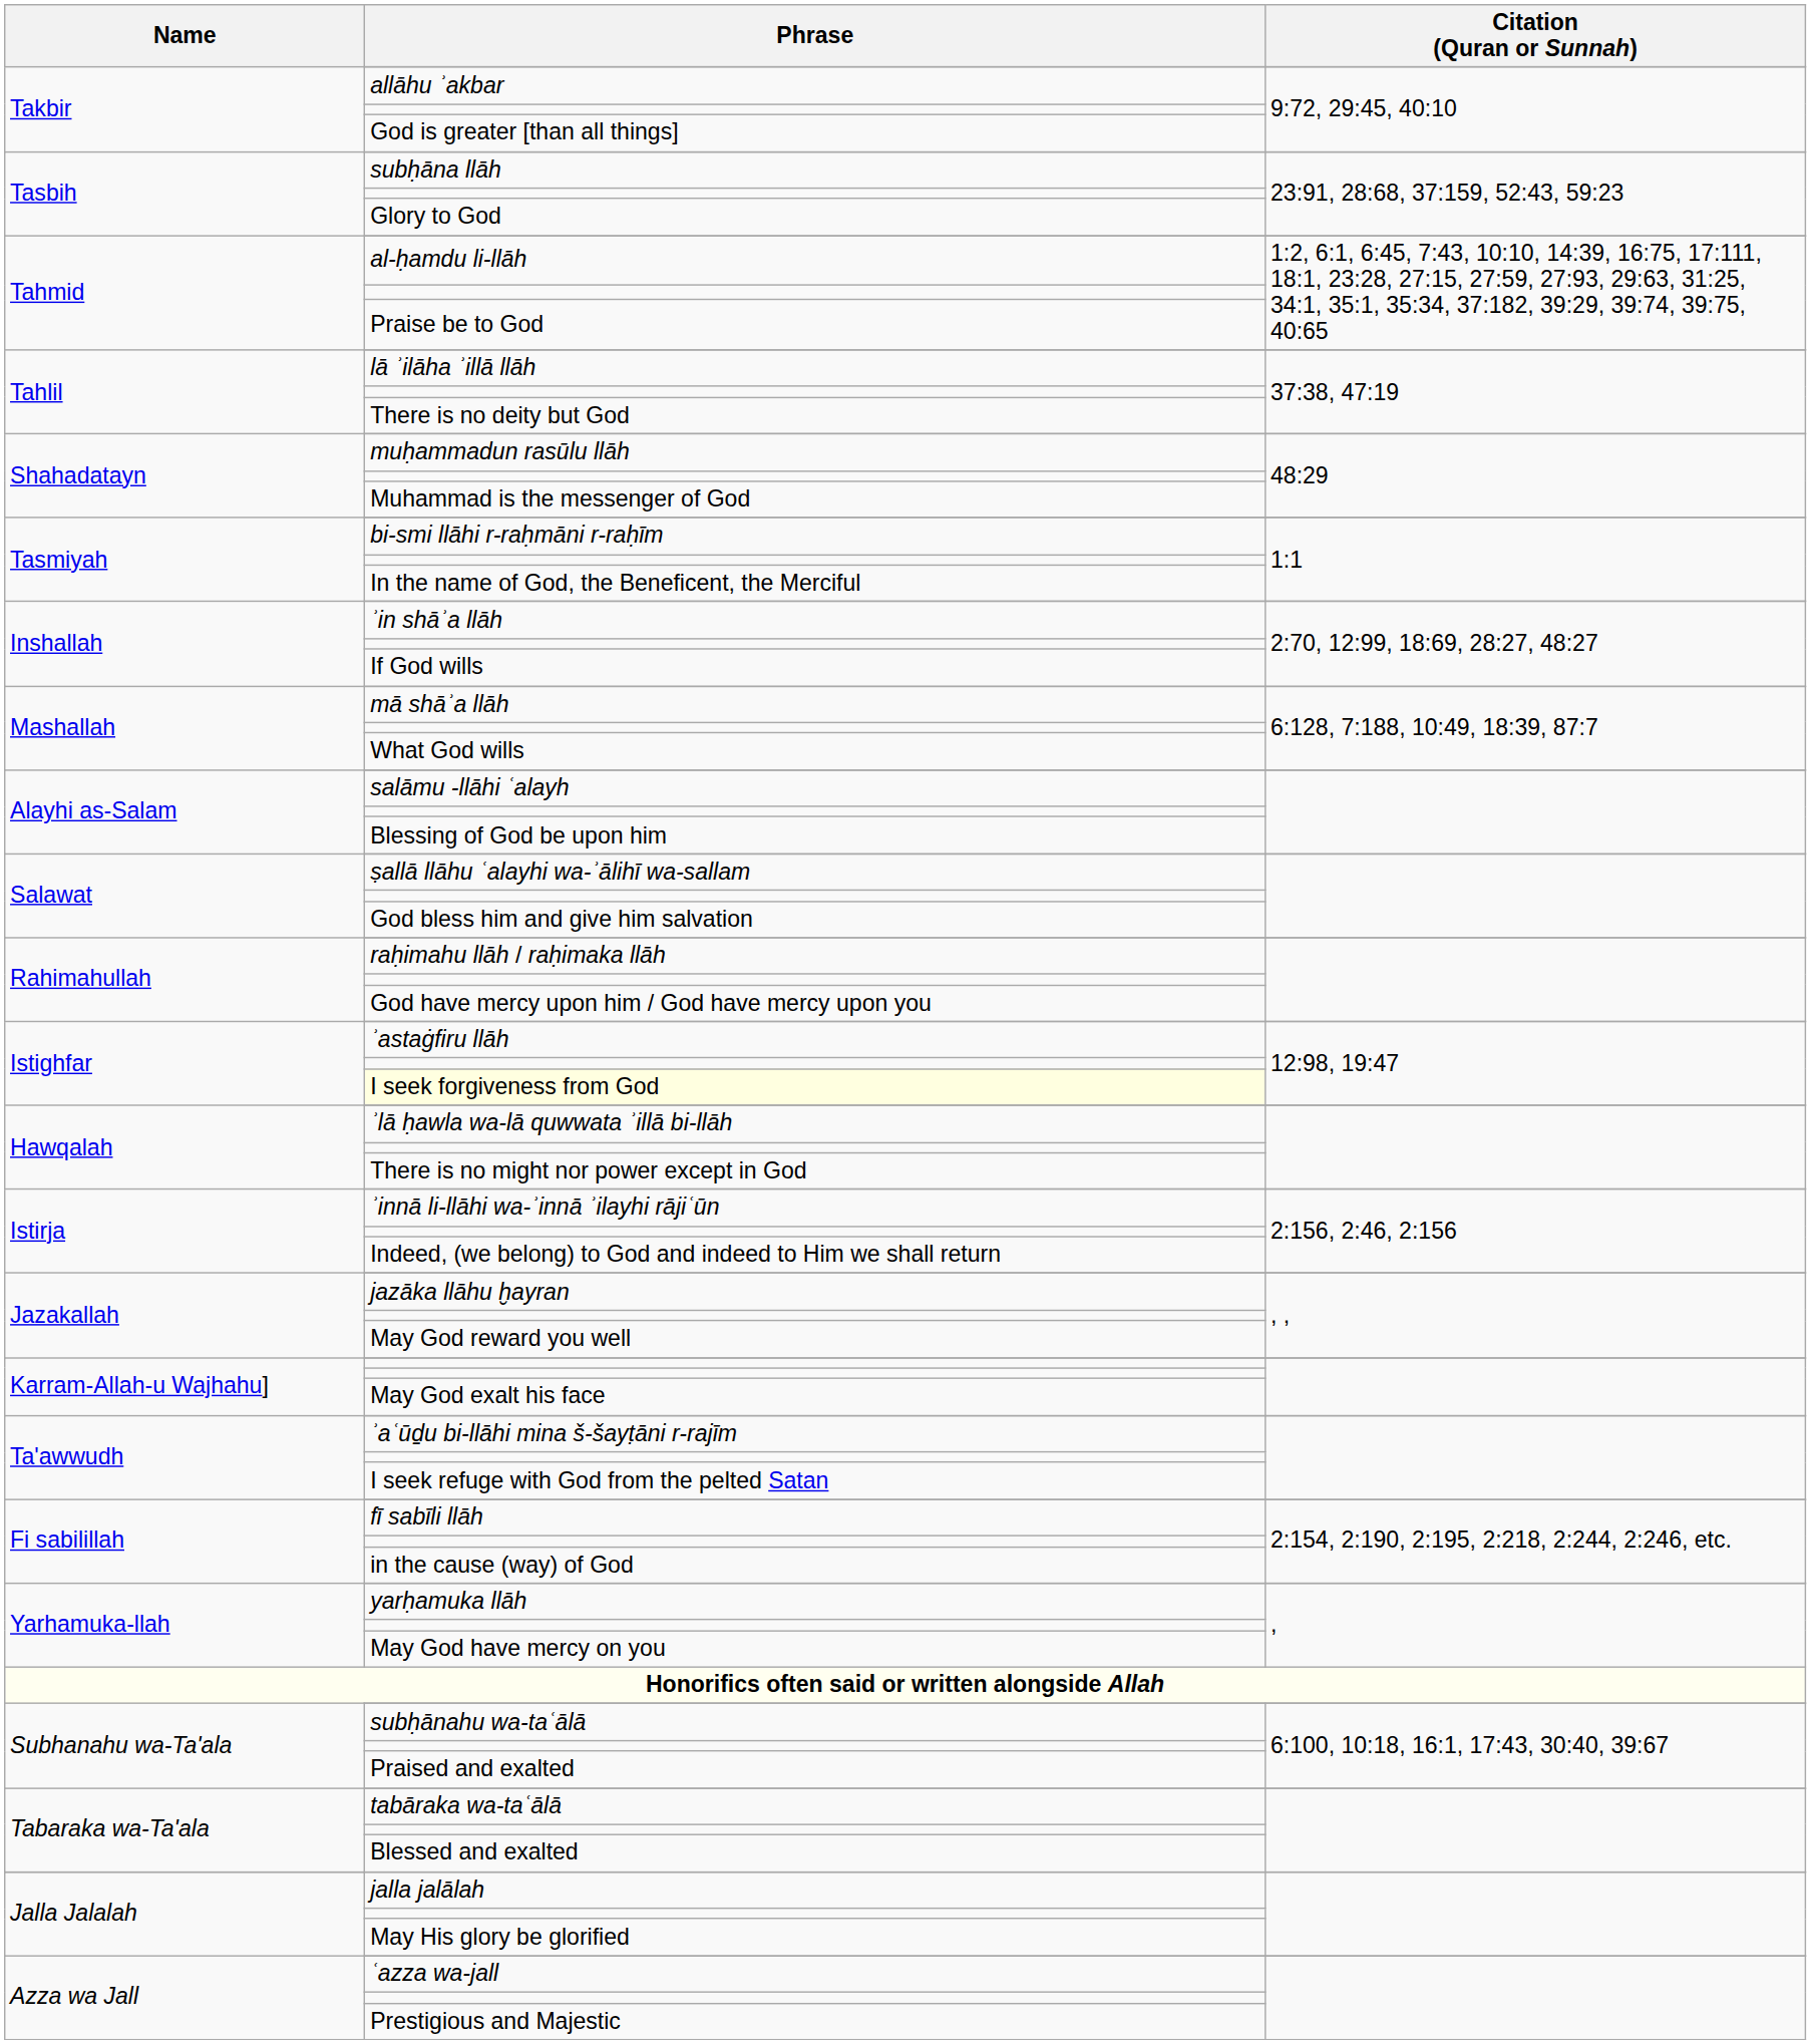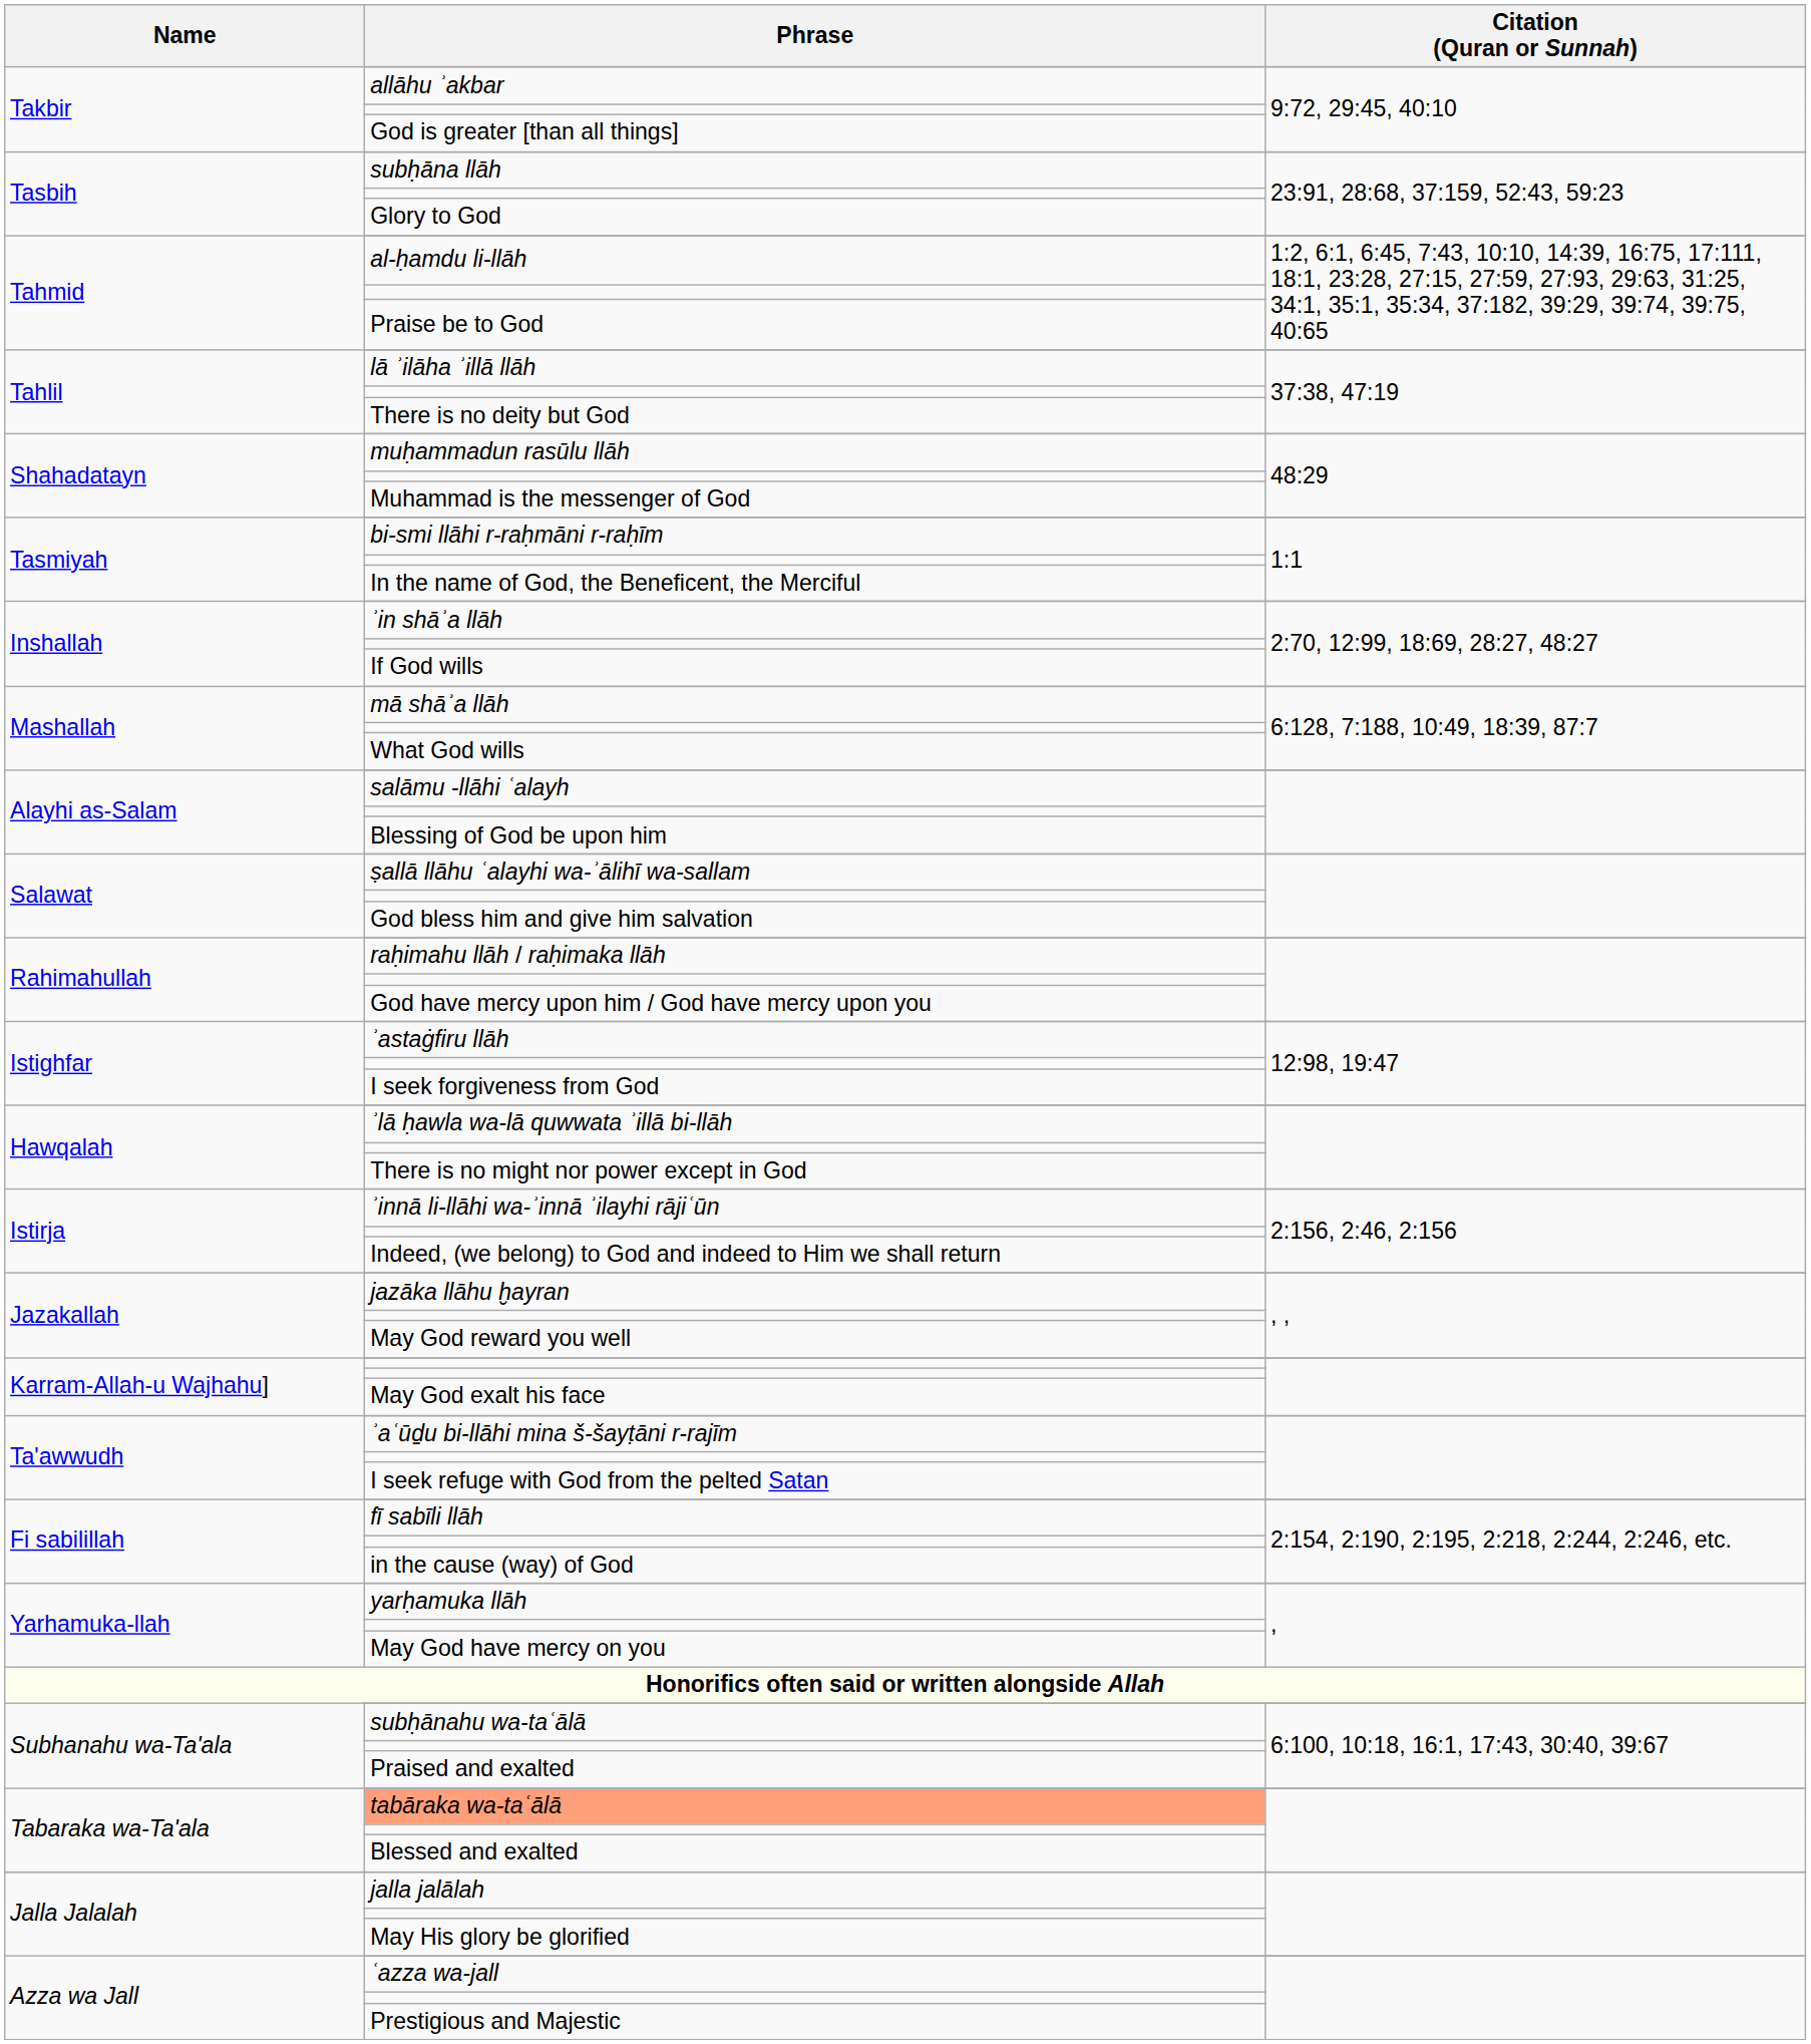 <table class="wikitable">
 <tr>
 <th>Name</th>
 <th style="width:50%;">Phrase</th>
 <th style="width:30%;">Citation <br>(Quran or <em>Sunnah</em>)</th>
 </tr>
 <tr>
 <td rowspan="4"><a href='#'>Takbir</a><br></td>
 </tr>
 <tr>
 <td><em>allāhu ʾakbar</em></td>
 <td rowspan="3">9:72, 29:45, 40:10</td>
 </tr>
 <tr>
 <td></td>
 </tr>
 <tr>
 <td>God is greater [than all things]</td>
 </tr>
 <tr>
 <td rowspan="4"><a href='#'>Tasbih</a><br></td>
 </tr>
 <tr>
 <td><em>subḥāna llāh</em></td>
 <td rowspan="3">23:91, 28:68, 37:159, 52:43, 59:23</td>
 </tr>
 <tr>
 <td></td>
 </tr>
 <tr>
 <td>Glory to God</td>
 </tr>
 <tr>
 <td rowspan="4"><a href='#'>Tahmid</a><br></td>
 </tr>
 <tr>
 <td><em>al-ḥamdu li-llāh</em></td>
 <td rowspan="3">1:2, 6:1, 6:45, 7:43, 10:10, 14:39, 16:75, 17:111, 18:1, 23:28, 27:15, 27:59, 27:93, 29:63, 31:25, 34:1, 35:1, 35:34, 37:182, 39:29, 39:74, 39:75, 40:65</td>
 </tr>
 <tr>
 <td></td>
 </tr>
 <tr>
 <td>Praise be to God</td>
 </tr>
 <tr>
 <td rowspan="4"><a href='#'>Tahlil</a><br></td>
 </tr>
 <tr>
 <td><em>lā ʾilāha ʾillā llāh</em></td>
 <td rowspan="3">37:38, 47:19</td>
 </tr>
 <tr>
 <td></td>
 </tr>
 <tr>
 <td>There is no deity but God</td>
 </tr>
 <tr>
 <td rowspan="4"><a href='#'>Shahadatayn</a><br></td>
 </tr>
 <tr>
 <td><em>muḥammadun rasūlu llāh</em></td>
 <td rowspan="3">48:29</td>
 </tr>
 <tr>
 <td></td>
 </tr>
 <tr>
 <td>Muhammad is the messenger of God</td>
 </tr>
 <tr>
 <td rowspan="4"><a href='#'>Tasmiyah</a><br></td>
 </tr>
 <tr>
 <td><em>bi-smi llāhi r-raḥmāni r-raḥīm</em></td>
 <td rowspan="3">1:1</td>
 </tr>
 <tr>
 <td> </td>
 </tr>
 <tr>
 <td>In the name of God, the Beneficent, the Merciful</td>
 </tr>
 <tr>
 <td rowspan="4"><a href='#'>Inshallah</a><br></td>
 </tr>
 <tr>
 <td><em>ʾin shāʾa llāh</em></td>
 <td rowspan="3">2:70, 12:99, 18:69, 28:27, 48:27</td>
 </tr>
 <tr>
 <td></td>
 </tr>
 <tr>
 <td>If God wills</td>
 </tr>
 <tr>
 <td rowspan="4"><a href='#'>Mashallah</a><br></td>
 </tr>
 <tr>
 <td><em>mā shāʾa llāh</em></td>
 <td rowspan="3">6:128, 7:188, 10:49, 18:39, 87:7</td>
 </tr>
 <tr>
 <td></td>
 </tr>
 <tr>
 <td>What God wills</td>
 </tr>
 <tr>
 <td rowspan="4"><a href='#'>Alayhi as-Salam</a><br></td>
 </tr>
 <tr>
 <td><em>salāmu -llāhi ʿalayh</em></td>
 <td rowspan="3"></td>
 </tr>
 <tr>
 <td> </td>
 </tr>
 <tr>
 <td>Blessing of God be upon him</td>
 </tr>
 <tr>
 <td rowspan="4"><a href='#'>Salawat</a><br></td>
 </tr>
 <tr>
 <td><em>ṣallā llāhu ʿalayhi wa-ʾālihī wa-sallam</em></td>
 <td rowspan="3"></td>
 </tr>
 <tr>
 <td> </td>
 </tr>
 <tr>
 <td>God bless him and give him salvation</td>
 </tr>
 <tr>
 <td rowspan="4"><a href='#'>Rahimahullah</a><br></td>
 </tr>
 <tr>
 <td><em>raḥimahu llāh</em> / <em>raḥimaka llāh</em></td>
 <td rowspan="3"></td>
 </tr>
 <tr>
 <td></td>
 </tr>
 <tr>
 <td>God have mercy upon him / God have mercy upon you</td>
 </tr>
 <tr>
 <td rowspan="4"><a href='#'>Istighfar</a><br></td>
 </tr>
 <tr>
 <td><em>ʾastaġfiru llāh</em></td>
 <td rowspan="3">12:98, 19:47</td>
 </tr>
 <tr>
 <td></td>
 </tr>
 <tr>
-<td style="background: lightyellow;">I seek forgiveness from God</td>
+<td>I seek forgiveness from God</td>
 </tr>
 <tr>
 <td rowspan="4"><a href='#'>Hawqalah</a><br></td>
 </tr>
 <tr>
 <td><em>ʾlā ḥawla wa-lā quwwata ʾillā bi-llāh</em></td>
 <td rowspan="3"></td>
 </tr>
 <tr>
 <td></td>
 </tr>
 <tr>
 <td>There is no might nor power except in God</td>
 </tr>
 <tr>
 <td rowspan="4"><a href='#'>Istirja</a><br></td>
 </tr>
 <tr>
 <td><em>ʾinnā li-llāhi wa-ʾinnā ʾilayhi rājiʿūn</em></td>
 <td rowspan="3">2:156, 2:46, 2:156</td>
 </tr>
 <tr>
 <td></td>
 </tr>
 <tr>
 <td>Indeed, (we belong) to God and indeed to Him we shall return</td>
 </tr>
 <tr>
 <td rowspan="4"><a href='#'>Jazakallah</a><br></td>
 </tr>
 <tr>
 <td><em>jazāka llāhu ḫayran</em></td>
 <td rowspan="3">, , </td>
 </tr>
 <tr>
 <td></td>
 </tr>
 <tr>
 <td>May God reward you well</td>
 </tr>
 <tr>
 <td rowspan="4"><a href='#'>Karram-Allah-u Wajhahu</a>]<br></td>
 </tr>
 <tr>
 <td></td>
 <td rowspan="3"></td>
 </tr>
 <tr>
 <td></td>
 </tr>
 <tr>
 <td>May God exalt his face</td>
 </tr>
 <tr>
 <td rowspan="4"><a href='#'>Ta'awwudh</a><br></td>
 </tr>
 <tr>
 <td><em>ʾaʿūḏu bi-llāhi mina š-šayṭāni r-rajīm</em></td>
 <td rowspan="3"></td>
 </tr>
 <tr>
 <td></td>
 </tr>
 <tr>
 <td>I seek refuge with God from the pelted <a href='#'>Satan</a></td>
 </tr>
 <tr>
 <td rowspan="4"><a href='#'>Fi sabilillah</a></td>
 </tr>
 <tr>
 <td><em>fī sabīli llāh</em></td>
 <td rowspan="3">2:154, 2:190, 2:195, 2:218, 2:244, 2:246, etc.</td>
 </tr>
 <tr>
 <td></td>
 </tr>
 <tr>
 <td>in the cause (way) of God</td>
 </tr>
 <tr>
 <td rowspan="4"><a href='#'>Yarhamuka-llah</a></td>
 </tr>
 <tr>
 <td><em>yarḥamuka llāh</em></td>
 <td rowspan="3">, </td>
 </tr>
 <tr>
 <td></td>
 </tr>
 <tr>
 <td>May God have mercy on you</td>
 </tr>
 <tr>
 <th style="background:Ivory;" colspan="3">Honorifics often said or written alongside <em>Allah</em></th>
 </tr>
 <tr>
 <td rowspan="4"><em>Subhanahu wa-Ta'ala</em></td>
 </tr>
 <tr>
 <td><em>subḥānahu wa-taʿālā</em></td>
 <td rowspan="3">6:100, 10:18, 16:1, 17:43, 30:40, 39:67</td>
 </tr>
 <tr>
 <td></td>
 </tr>
 <tr>
 <td>Praised and exalted</td>
 </tr>
 <tr>
 <td rowspan="4"><em>Tabaraka wa-Ta'ala</em></td>
 </tr>
 <tr>
-<td><em>tabāraka wa-taʿālā</em></td>
+<td style="background: lightsalmon;"><em>tabāraka wa-taʿālā</em></td>
 <td rowspan="3"></td>
 </tr>
 <tr>
 <td></td>
 </tr>
 <tr>
 <td>Blessed and exalted</td>
 </tr>
 <tr>
 </tr>
 <tr>
 <td rowspan="4"><em>Jalla Jalalah</em></td>
 </tr>
 <tr>
 <td><em>jalla jalālah</em></td>
 <td rowspan="3"></td>
 </tr>
 <tr>
 <td></td>
 </tr>
 <tr>
 <td>May His glory be glorified</td>
 </tr>
 <tr>
 <td rowspan="4"><em>Azza wa Jall</em></td>
 </tr>
 <tr>
 <td><em>ʿazza wa-jall</em></td>
 <td rowspan="3"></td>
 </tr>
 <tr>
 <td></td>
 </tr>
 <tr>
 <td>Prestigious and Majestic</td>
 </tr>
 </table>
